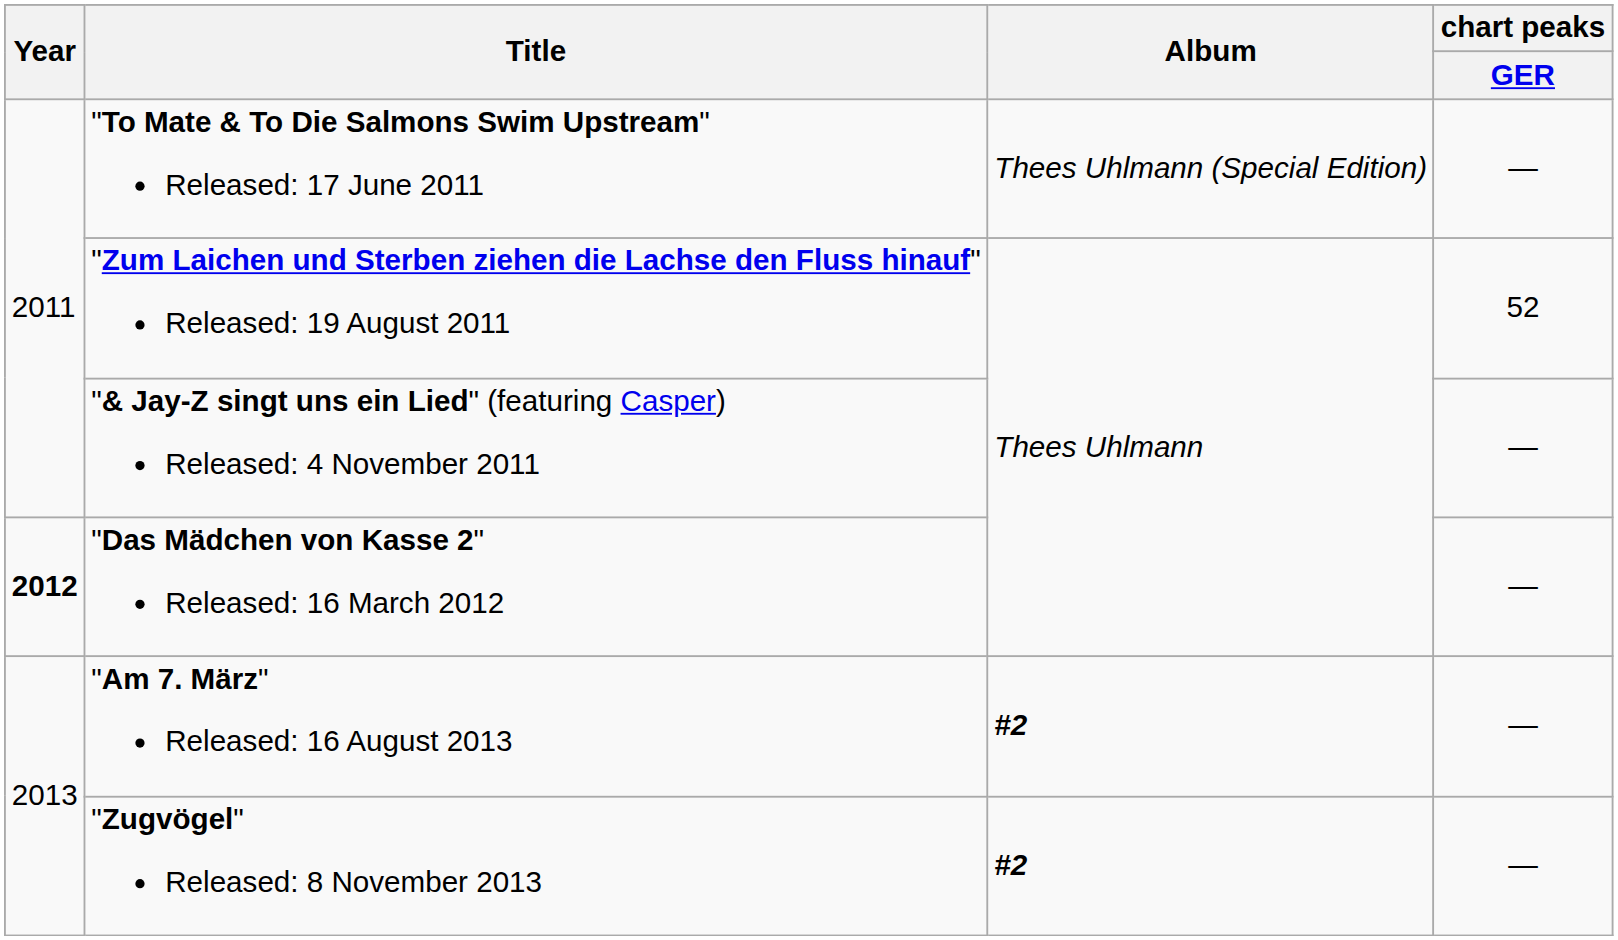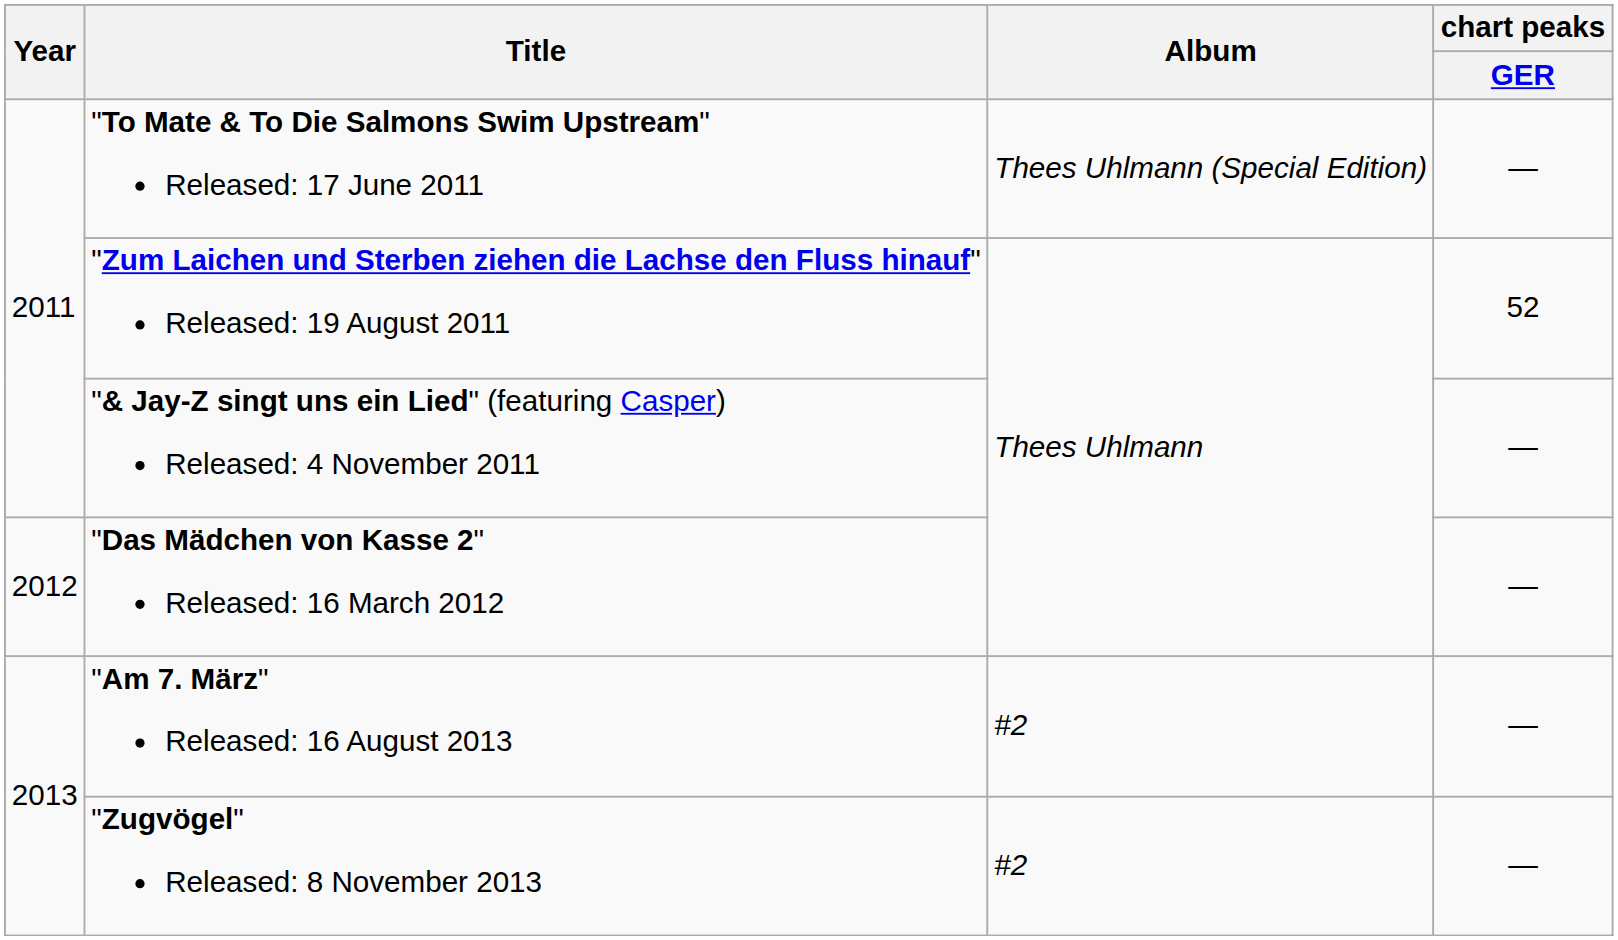 <table class="wikitable">
 <tr>
 <th rowspan="2">Year</th>
 <th rowspan="2">Title</th>
 <th rowspan="2">Album</th>
 <th colspan="3">chart peaks</th>
 </tr>
 <tr bgcolor="#dddddd">
 <th><a href='#'>GER</a><br></th>
 </tr>
 <tr>
 <td rowspan="3">2011</td>
 <td>"<strong>To Mate & To Die Salmons Swim Upstream</strong>"<br><ul><li>Released: 17 June 2011</li></ul></td>
 <td><em>Thees Uhlmann (Special Edition)</em></td>
 <td align="center" >—</td>
 </tr>
 <tr>
 <td>"<strong><a href='#'>Zum Laichen und Sterben ziehen die Lachse den Fluss hinauf</a></strong>"<br><ul><li>Released: 19 August 2011</li></ul></td>
 <td rowspan="3"><em>Thees Uhlmann</em></td>
 <td align="center" >52</td>
 </tr>
 <tr>
 <td>"<strong>& Jay-Z singt uns ein Lied</strong>" (featuring <a href='#'>Casper</a>)<br><ul><li>Released: 4 November 2011</li></ul></td>
 <td align="center" >—</td>
 </tr>
 <tr>
-<td><strong>2012</strong></td>
+<td>2012</td>
 <td>"<strong>Das Mädchen von Kasse 2</strong>"<br><ul><li>Released: 16 March 2012</li></ul></td>
 <td align="center" >—</td>
 </tr>
 <tr>
 <td rowspan="2">2013</td>
 <td>"<strong>Am 7. März</strong>"<br><ul><li>Released: 16 August 2013</li></ul></td>
-<td><strong><em>#2</em></strong></td>
+<td><em>#2</em></td>
 <td align="center" >—</td>
 </tr>
 <tr>
 <td>"<strong>Zugvögel</strong>"<br><ul><li>Released: 8 November 2013</li></ul></td>
-<td><strong><em>#2</em></strong></td>
+<td><em>#2</em></td>
 <td align="center" >—</td>
 </tr>
 </table>
